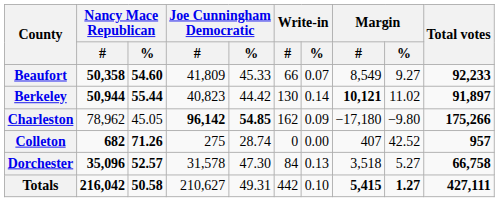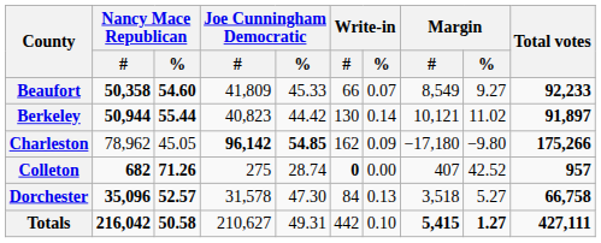 <table class="wikitable sortable"  style="text-align:right">
 <tr>
 <th rowspan="2">County</th>
 <th colspan="2"><a href='#'>Nancy Mace</a><br><a href='#'>Republican</a></th>
 <th colspan="2"><a href='#'>Joe Cunningham</a><br><a href='#'>Democratic</a></th>
 <th colspan="2">Write-in</th>
 <th colspan="2">Margin</th>
 <th rowspan="2">Total votes</th>
 </tr>
 <tr>
 <th data-sort-type="number" style="text-align:center;">#</th>
 <th data-sort-type="number" style="text-align:center;">%</th>
 <th data-sort-type="number" style="text-align:center;">#</th>
 <th data-sort-type="number" style="text-align:center;">%</th>
 <th data-sort-type="number" style="text-align:center;">#</th>
 <th data-sort-type="number" style="text-align:center;">%</th>
 <th data-sort-type="number" style="text-align:center;">#</th>
 <th data-sort-type="number" style="text-align:center;">%</th>
 </tr>
 <tr>
 <th><a href='#'>Beaufort</a> </th>
 <td><strong>50,358</strong></td>
 <td><strong>54.60</strong></td>
 <td>41,809</td>
 <td>45.33</td>
 <td>66</td>
 <td>0.07</td>
 <td>8,549</td>
 <td>9.27</td>
 <td><strong>92,233</strong></td>
 </tr>
 <tr>
 <th><a href='#'>Berkeley</a> </th>
 <td><strong>50,944</strong></td>
 <td><strong>55.44</strong></td>
 <td>40,823</td>
 <td>44.42</td>
 <td>130</td>
 <td>0.14</td>
-<td><strong>10,121</strong></td>
+<td>10,121</td>
 <td>11.02</td>
 <td><strong>91,897</strong></td>
 </tr>
 <tr>
 <th><a href='#'>Charleston</a> </th>
 <td>78,962</td>
 <td>45.05</td>
 <td><strong>96,142</strong></td>
 <td><strong>54.85</strong></td>
 <td>162</td>
 <td>0.09</td>
 <td>−17,180</td>
 <td>−9.80</td>
 <td><strong>175,266</strong></td>
 </tr>
 <tr>
 <th><a href='#'>Colleton</a> </th>
 <td><strong>682</strong></td>
 <td><strong>71.26</strong></td>
 <td>275</td>
 <td>28.74</td>
-<td>0</td>
+<td><strong>0</strong></td>
 <td>0.00</td>
 <td>407</td>
 <td>42.52</td>
 <td><strong>957</strong></td>
 </tr>
 <tr>
 <th><a href='#'>Dorchester</a> </th>
 <td><strong>35,096</strong></td>
 <td><strong>52.57</strong></td>
 <td>31,578</td>
 <td>47.30</td>
 <td>84</td>
 <td>0.13</td>
 <td>3,518</td>
 <td>5.27</td>
 <td><strong>66,758</strong></td>
 </tr>
 <tr>
 <th data-sort-value="ZZZ">Totals</th>
 <td><strong>216,042</strong></td>
 <td><strong>50.58</strong></td>
 <td>210,627</td>
 <td>49.31</td>
 <td>442</td>
 <td>0.10</td>
 <td><strong>5,415</strong></td>
 <td><strong>1.27</strong></td>
 <td><strong>427,111</strong></td>
 </tr>
 </table>
